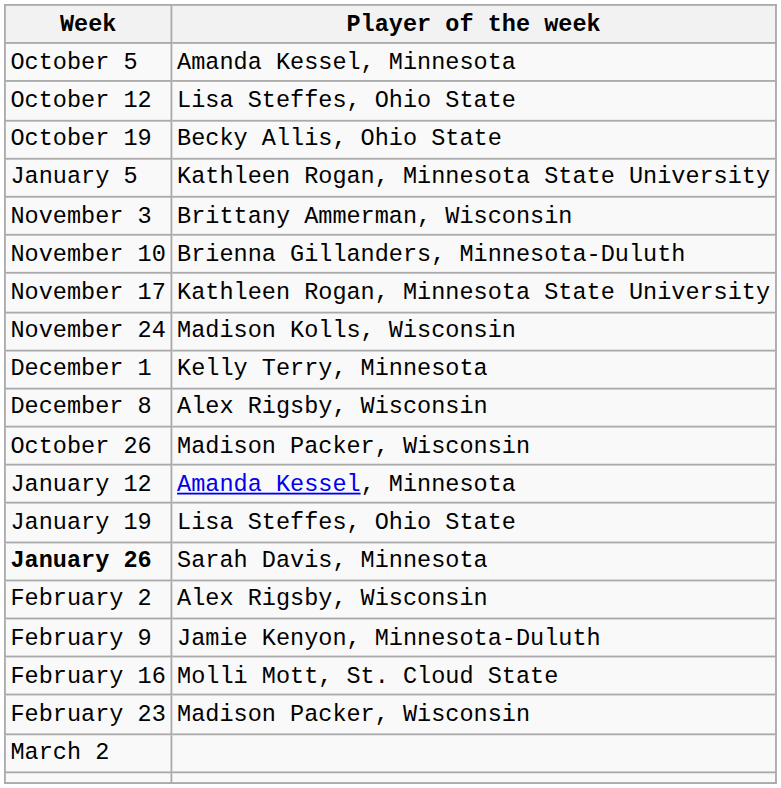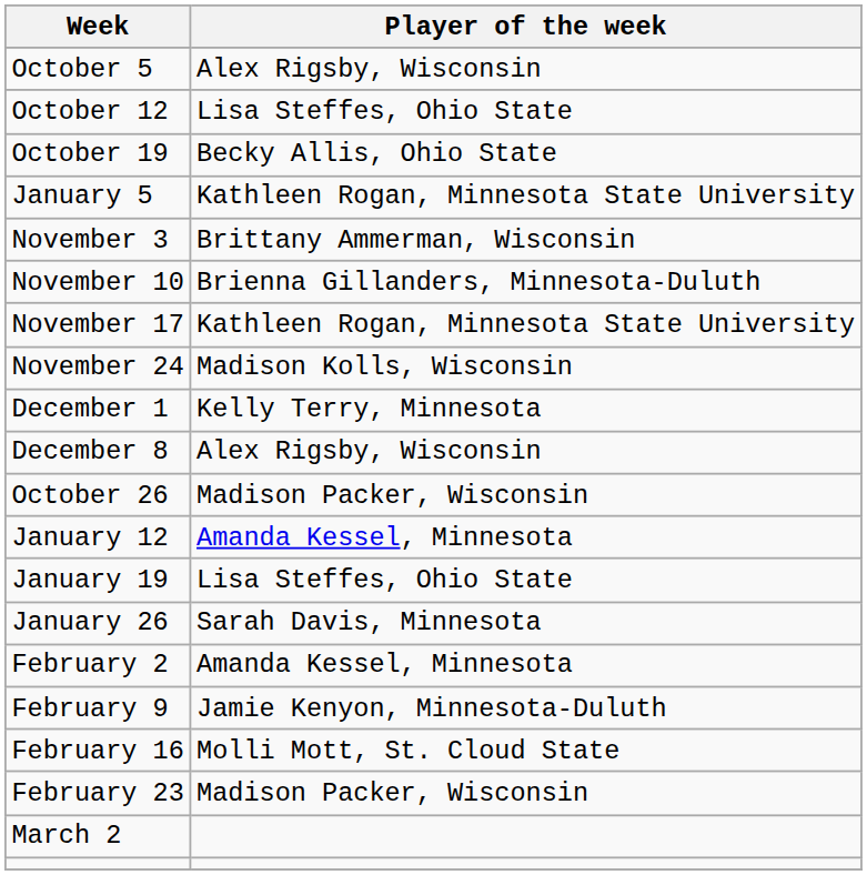 <table class="wikitable" border="1">
 <tr>
 <th>Week</th>
 <th>Player of the week</th>
 </tr>
 <tr>
 <td>October 5</td>
-<td>Amanda Kessel, Minnesota</td>
+<td>Alex Rigsby, Wisconsin</td>
 </tr>
 <tr>
 <td>October 12</td>
 <td>Lisa Steffes, Ohio State</td>
 </tr>
 <tr>
 <td>October 19</td>
 <td>Becky Allis, Ohio State</td>
 </tr>
 <tr>
 <td>January 5</td>
 <td>Kathleen Rogan, Minnesota State University</td>
 </tr>
 <tr>
 <td>November 3</td>
 <td>Brittany Ammerman, Wisconsin</td>
 </tr>
 <tr>
 <td>November 10</td>
 <td>Brienna Gillanders, Minnesota-Duluth</td>
 </tr>
 <tr>
 <td>November 17</td>
 <td>Kathleen Rogan, Minnesota State University</td>
 </tr>
 <tr>
 <td>November 24</td>
 <td>Madison Kolls, Wisconsin</td>
 </tr>
 <tr>
 <td>December 1</td>
 <td>Kelly Terry, Minnesota</td>
 </tr>
 <tr>
 <td>December 8</td>
 <td>Alex Rigsby, Wisconsin</td>
 </tr>
 <tr>
 <td>October 26</td>
 <td>Madison Packer, Wisconsin</td>
 </tr>
 <tr>
 <td>January 12</td>
 <td><a href='#'>Amanda Kessel</a>, Minnesota</td>
 </tr>
 <tr>
 <td>January 19</td>
 <td>Lisa Steffes, Ohio State</td>
 </tr>
 <tr>
-<td><strong>January 26</strong></td>
+<td>January 26</td>
 <td>Sarah Davis, Minnesota</td>
 </tr>
 <tr>
 <td>February 2</td>
-<td>Alex Rigsby, Wisconsin</td>
+<td>Amanda Kessel, Minnesota</td>
 </tr>
 <tr>
 <td>February 9</td>
 <td>Jamie Kenyon, Minnesota-Duluth</td>
 </tr>
 <tr>
 <td>February 16</td>
 <td>Molli Mott, St. Cloud State</td>
 </tr>
 <tr>
 <td>February 23</td>
 <td>Madison Packer, Wisconsin</td>
 </tr>
 <tr>
 <td>March 2</td>
 <td></td>
 </tr>
 <tr>
 <td></td>
 <td></td>
 </tr>
 <tr>
 </tr>
 </table>
